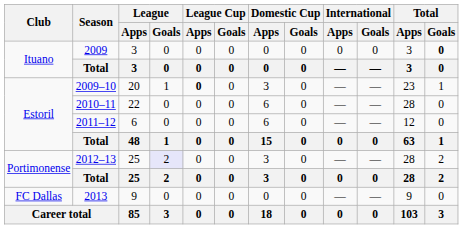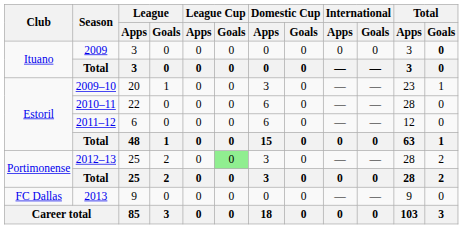 <table class="wikitable" style="text-align: center;">
 <tr>
 <th rowspan="2">Club</th>
 <th rowspan="2">Season</th>
 <th colspan="2">League</th>
 <th colspan="2">League Cup</th>
 <th colspan="2">Domestic Cup</th>
 <th colspan="2">International</th>
 <th colspan="2">Total</th>
 </tr>
 <tr>
 <th>Apps</th>
 <th>Goals</th>
 <th>Apps</th>
 <th>Goals</th>
 <th>Apps</th>
 <th>Goals</th>
 <th>Apps</th>
 <th>Goals</th>
 <th>Apps</th>
 <th>Goals</th>
 </tr>
 <tr>
 <td rowspan="2"><a href='#'>Ituano</a></td>
 <td><a href='#'>2009</a></td>
 <td>3</td>
 <td>0</td>
 <td>0</td>
 <td>0</td>
 <td>0</td>
 <td>0</td>
 <td>0</td>
 <td>0</td>
 <td>3</td>
 <td><strong>0</strong></td>
 </tr>
 <tr>
 <th>Total</th>
 <th>3</th>
 <th>0</th>
 <th>0</th>
 <th>0</th>
 <th>0</th>
 <th>0</th>
 <th>—</th>
 <th>—</th>
 <th>3</th>
 <th>0</th>
 </tr>
 <tr>
 <td rowspan="4"><a href='#'>Estoril</a></td>
 <td><a href='#'>2009–10</a></td>
 <td>20</td>
 <td>1</td>
-<td><strong>0</strong></td>
+<td>0</td>
 <td>0</td>
 <td>3</td>
 <td>0</td>
 <td>—</td>
 <td>—</td>
 <td>23</td>
 <td>1</td>
 </tr>
 <tr>
 <td><a href='#'>2010–11</a></td>
 <td>22</td>
 <td>0</td>
 <td>0</td>
 <td>0</td>
 <td>6</td>
 <td>0</td>
 <td>—</td>
 <td>—</td>
 <td>28</td>
 <td>0</td>
 </tr>
 <tr>
 <td><a href='#'>2011–12</a></td>
 <td>6</td>
 <td>0</td>
 <td>0</td>
 <td>0</td>
 <td>6</td>
 <td>0</td>
 <td>—</td>
 <td>—</td>
 <td>12</td>
 <td>0</td>
 </tr>
 <tr>
 <th>Total</th>
 <th>48</th>
 <th>1</th>
 <th>0</th>
 <th>0</th>
 <th>15</th>
 <th>0</th>
 <th>0</th>
 <th>0</th>
 <th>63</th>
 <th>1</th>
 </tr>
 <tr>
 <td rowspan="2"><a href='#'>Portimonense</a></td>
 <td><a href='#'>2012–13</a></td>
 <td>25</td>
-<td style="background: lavender;">2</td>
+<td>2</td>
 <td>0</td>
-<td>0</td>
+<td style="background: lightgreen;">0</td>
 <td>3</td>
 <td>0</td>
 <td>—</td>
 <td>—</td>
 <td>28</td>
 <td>2</td>
 </tr>
 <tr>
 <th>Total</th>
 <th>25</th>
 <th>2</th>
 <th>0</th>
 <th>0</th>
 <th>3</th>
 <th>0</th>
 <th>0</th>
 <th>0</th>
 <th>28</th>
 <th>2</th>
 </tr>
 <tr>
 <td rowspan="1"><a href='#'>FC Dallas</a></td>
 <td><a href='#'>2013</a></td>
 <td>9</td>
 <td>0</td>
 <td>0</td>
 <td>0</td>
 <td>0</td>
 <td>0</td>
 <td>—</td>
 <td>—</td>
 <td>9</td>
 <td>0</td>
 </tr>
 <tr>
 <th colspan="2">Career total</th>
 <th>85</th>
 <th>3</th>
 <th>0</th>
 <th>0</th>
 <th>18</th>
 <th>0</th>
 <th>0</th>
 <th>0</th>
 <th>103</th>
 <th>3</th>
 </tr>
 </table>
